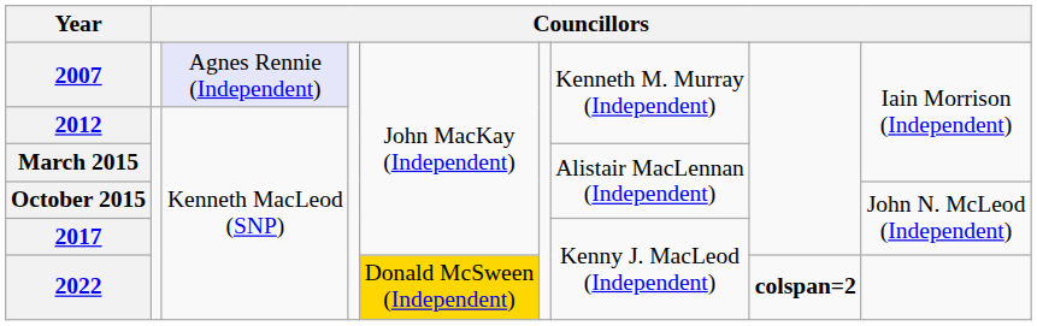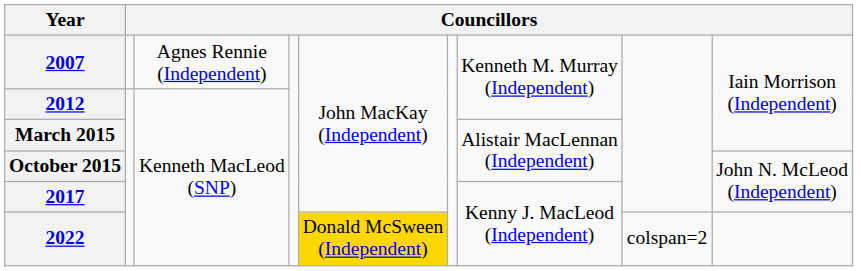 <table class="wikitable" style="text-align:center">
 <tr>
 <th>Year</th>
 <th colspan=8>Councillors</th>
 </tr>
 <tr>
 <th><a href='#'>2007</a></th>
 <td style="background-color: "></td>
-<td style="background: lavender;">Agnes Rennie<br>(<a href='#'>Independent</a>)</td>
+<td>Agnes Rennie<br>(<a href='#'>Independent</a>)</td>
 <td rowspan=6; style="background-color: "></td>
 <td rowspan=5>John MacKay<br>(<a href='#'>Independent</a>)</td>
 <td rowspan=6; style="background-color: "></td>
 <td rowspan=2>Kenneth M. Murray<br>(<a href='#'>Independent</a>)</td>
 <td rowspan=5; style="background-color: "></td>
 <td rowspan=3>Iain Morrison<br>(<a href='#'>Independent</a>)</td>
 </tr>
 <tr>
 <th><a href='#'>2012</a></th>
 <td rowspan=5; style="background-color: "></td>
 <td rowspan=5>Kenneth MacLeod<br>(<a href='#'>SNP</a>)</td>
 </tr>
 <tr>
 <th>March 2015</th>
 <td rowspan=2>Alistair MacLennan<br>(<a href='#'>Independent</a>)</td>
 </tr>
 <tr>
 <th>October 2015</th>
 <td rowspan=2>John N. McLeod<br>(<a href='#'>Independent</a>)</td>
 </tr>
 <tr>
 <th><a href='#'>2017</a></th>
 <td rowspan=2>Kenny J. MacLeod<br>(<a href='#'>Independent</a>)</td>
 </tr>
 <tr>
 <th><a href='#'>2022</a></th>
 <td style="background: gold;">Donald McSween<br>(<a href='#'>Independent</a>)</td>
-<td><strong>colspan=2 </strong></td>
+<td>colspan=2 </td>
 </tr>
 </table>
